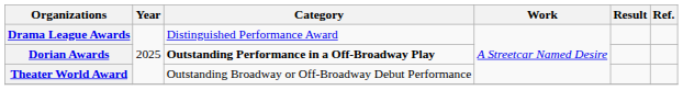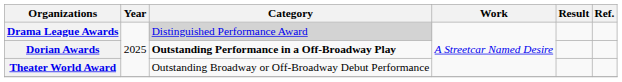 <table class="wikitable sortable plainrowheaders">
 <tr>
 <th>Organizations</th>
 <th>Year</th>
 <th>Category</th>
 <th>Work</th>
 <th>Result</th>
 <th class="unsortable">Ref.</th>
 </tr>
 <tr>
 <th rowspan="1" scope="row"><a href='#'>Drama League Awards</a></th>
 <td style="text-align:center;", rowspan=3>2025</td>
-<td><a href='#'>Distinguished Performance Award</a></td>
+<td style="background: lightgrey;"><a href='#'>Distinguished Performance Award</a></td>
 <td rowspan=3><em><a href='#'>A Streetcar Named Desire</a></em></td>
 <td></td>
 <td style="text-align:center;"></td>
 </tr>
 <tr>
 <th rowspan="1" scope="row"><a href='#'>Dorian Awards</a></th>
 <td rowspan=1><strong>Outstanding Performance in a Off-Broadway Play</strong></td>
 <td></td>
 <td rowspan=1></td>
 </tr>
 <tr>
 <th rowspan="1" scope="row"><a href='#'>Theater World Award</a></th>
 <td rowspan=1>Outstanding Broadway or Off-Broadway Debut Performance</td>
 <td></td>
 <td align=center, rowspan=1></td>
 </tr>
 <tr>
 </tr>
 </table>
